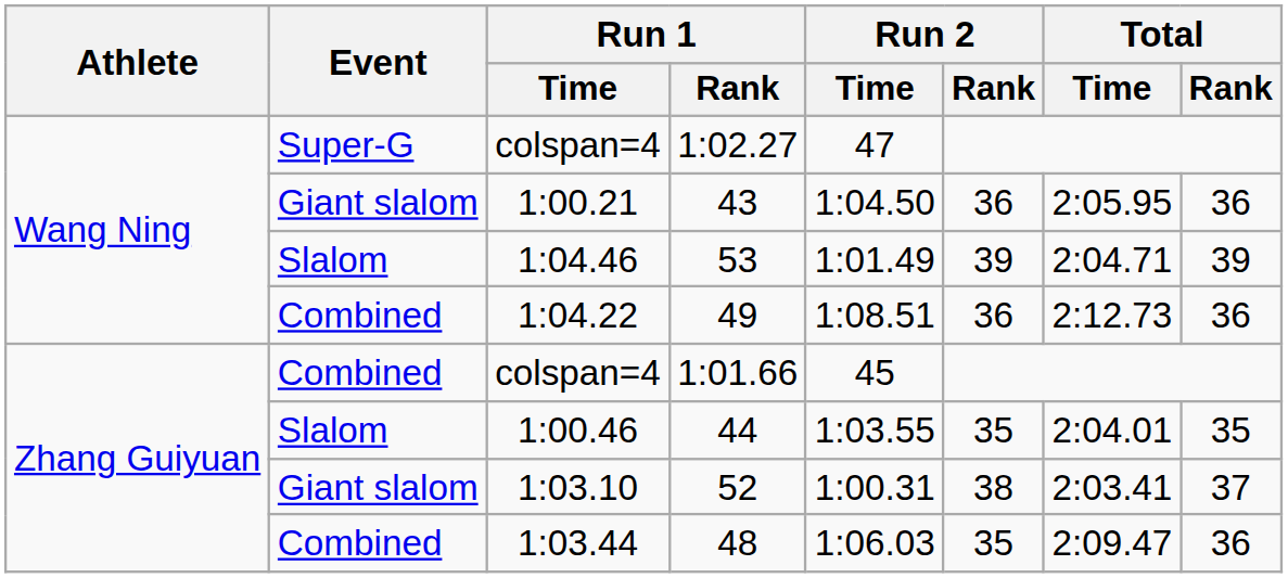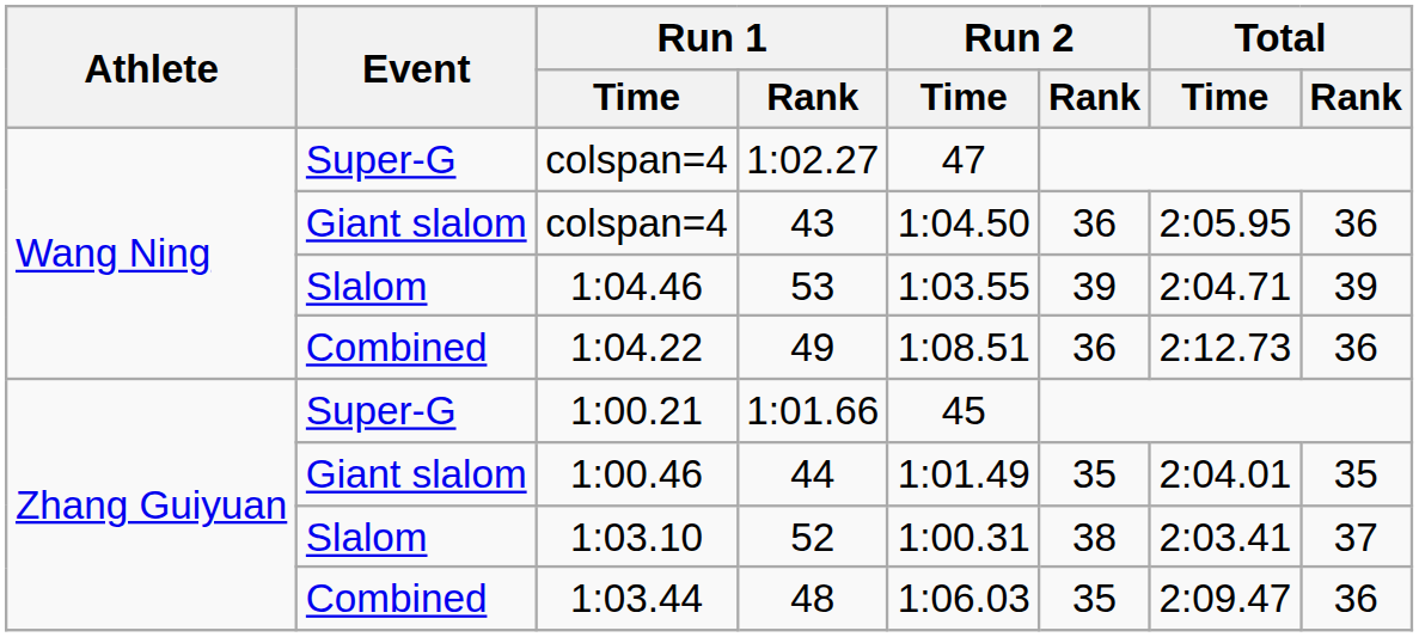 <table class="wikitable" style="font-size:90%">
 <tr>
 <th rowspan=2>Athlete</th>
 <th rowspan=2>Event</th>
 <th colspan=2>Run 1</th>
 <th colspan=2>Run 2</th>
 <th colspan=2>Total</th>
 </tr>
 <tr style="font-size:95%">
 <th>Time</th>
 <th>Rank</th>
 <th>Time</th>
 <th>Rank</th>
 <th>Time</th>
 <th>Rank</th>
 </tr>
 <tr align=center>
 <td align="left" rowspan="4"><a href='#'>Wang Ning</a></td>
 <td align="left"><a href='#'>Super-G</a></td>
 <td>colspan=4</td>
 <td>1:02.27</td>
 <td>47</td>
 </tr>
 <tr align=center>
 <td align="left"><a href='#'>Giant slalom</a></td>
-<td>1:00.21</td>
+<td>colspan=4</td>
 <td>43</td>
 <td>1:04.50</td>
 <td>36</td>
 <td>2:05.95</td>
 <td>36</td>
 </tr>
 <tr align=center>
 <td align="left"><a href='#'>Slalom</a></td>
 <td>1:04.46</td>
 <td>53</td>
-<td>1:01.49</td>
+<td>1:03.55</td>
 <td>39</td>
 <td>2:04.71</td>
 <td>39</td>
 </tr>
 <tr align=center>
 <td align="left"><a href='#'>Combined</a></td>
 <td>1:04.22</td>
 <td>49</td>
 <td>1:08.51</td>
 <td>36</td>
 <td>2:12.73</td>
 <td>36</td>
 </tr>
 <tr align=center>
 <td align="left" rowspan="4"><a href='#'>Zhang Guiyuan</a></td>
-<td align="left"><a href='#'>Combined</a></td>
-<td>colspan=4</td>
+<td align="left"><a href='#'>Super-G</a></td>
+<td>1:00.21</td>
 <td>1:01.66</td>
 <td>45</td>
 </tr>
 <tr align=center>
-<td align="left"><a href='#'>Slalom</a></td>
+<td align="left"><a href='#'>Giant slalom</a></td>
 <td>1:00.46</td>
 <td>44</td>
-<td>1:03.55</td>
+<td>1:01.49</td>
 <td>35</td>
 <td>2:04.01</td>
 <td>35</td>
 </tr>
 <tr align=center>
-<td align="left"><a href='#'>Giant slalom</a></td>
+<td align="left"><a href='#'>Slalom</a></td>
 <td>1:03.10</td>
 <td>52</td>
 <td>1:00.31</td>
 <td>38</td>
 <td>2:03.41</td>
 <td>37</td>
 </tr>
 <tr align=center>
 <td align="left"><a href='#'>Combined</a></td>
 <td>1:03.44</td>
 <td>48</td>
 <td>1:06.03</td>
 <td>35</td>
 <td>2:09.47</td>
 <td>36</td>
 </tr>
 </table>
